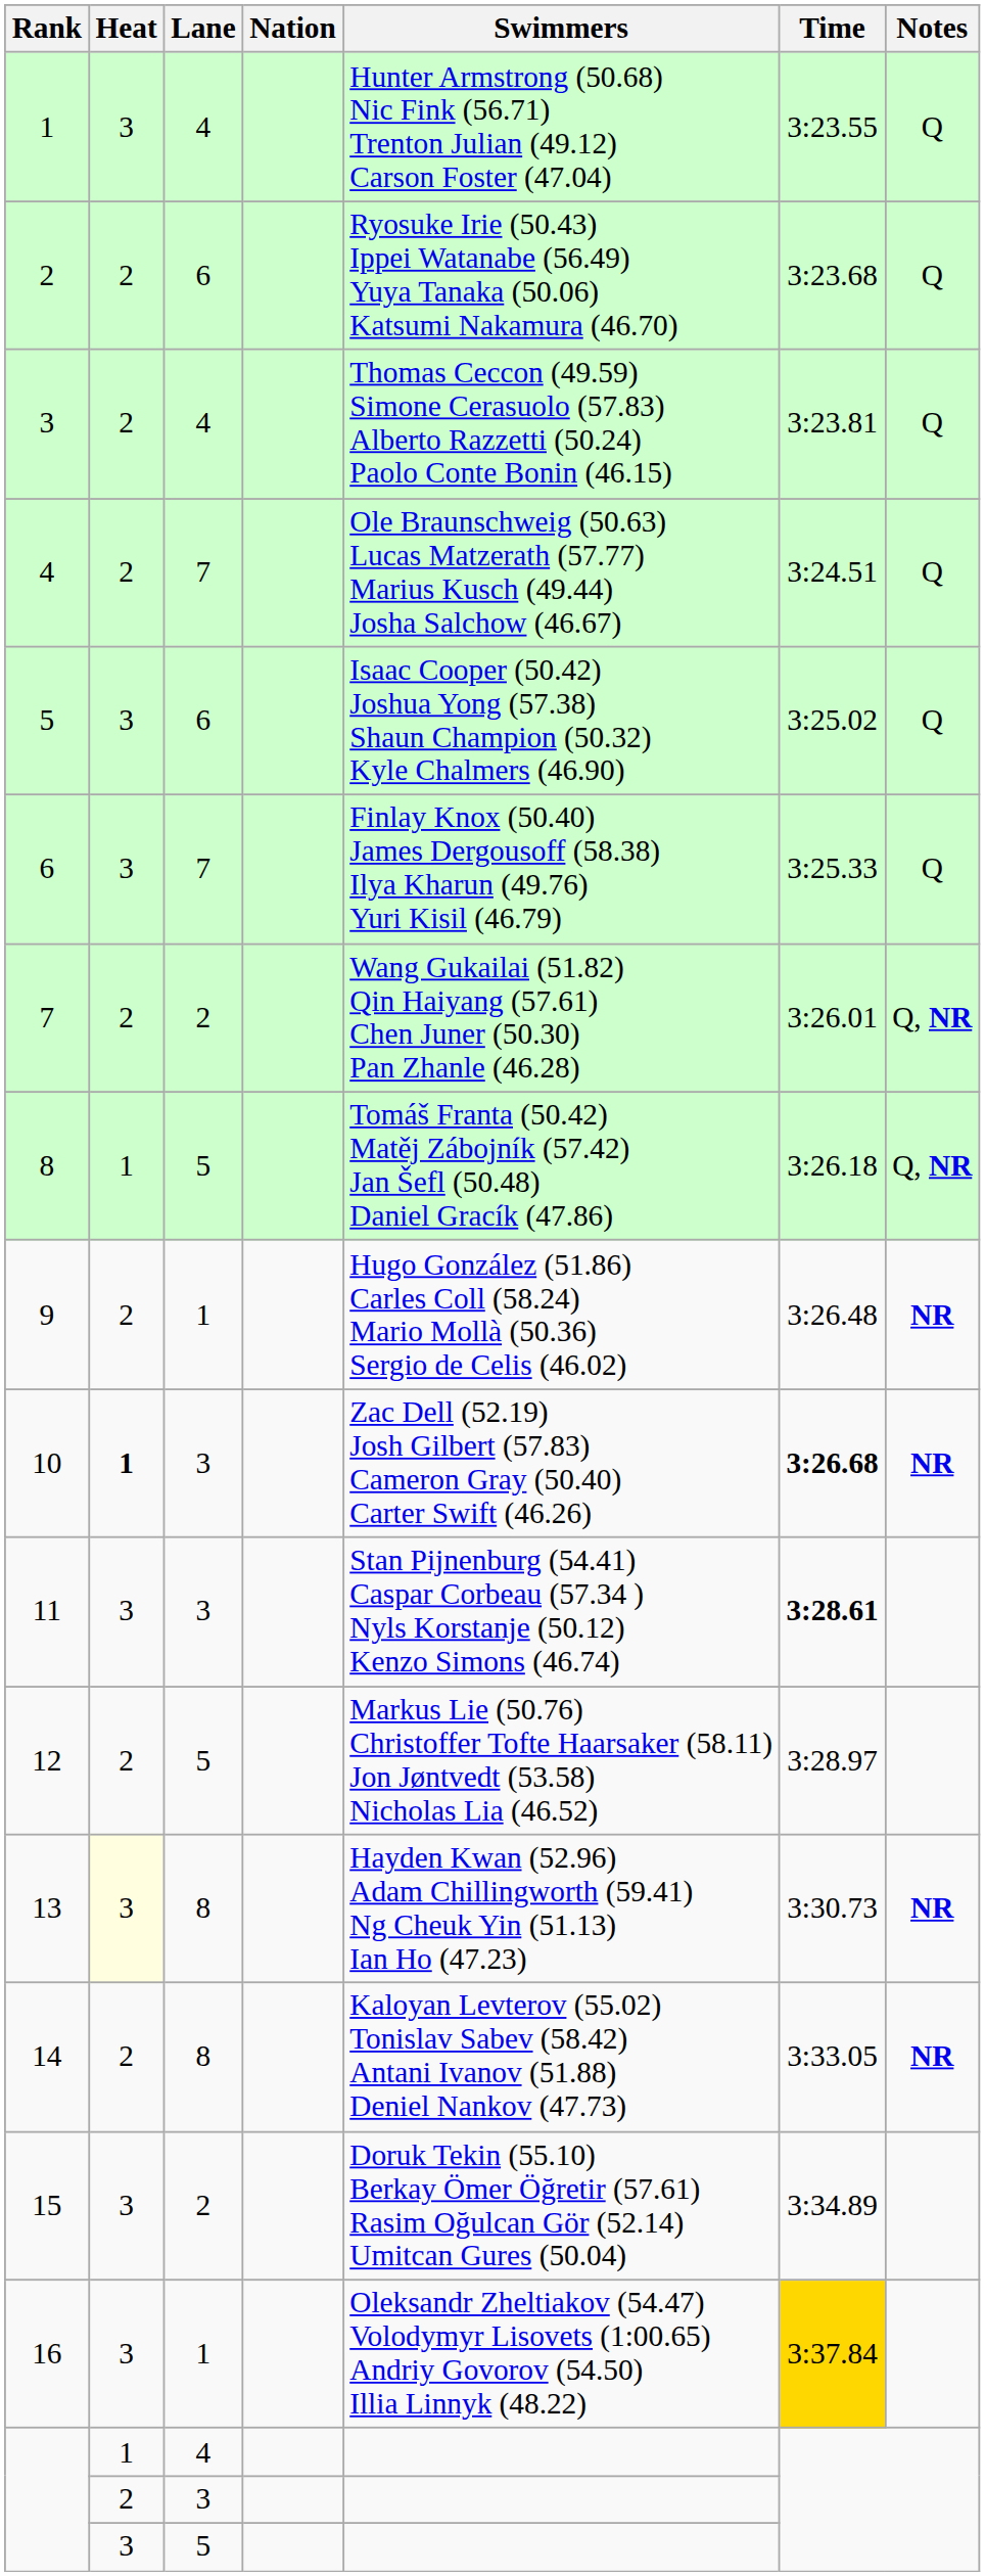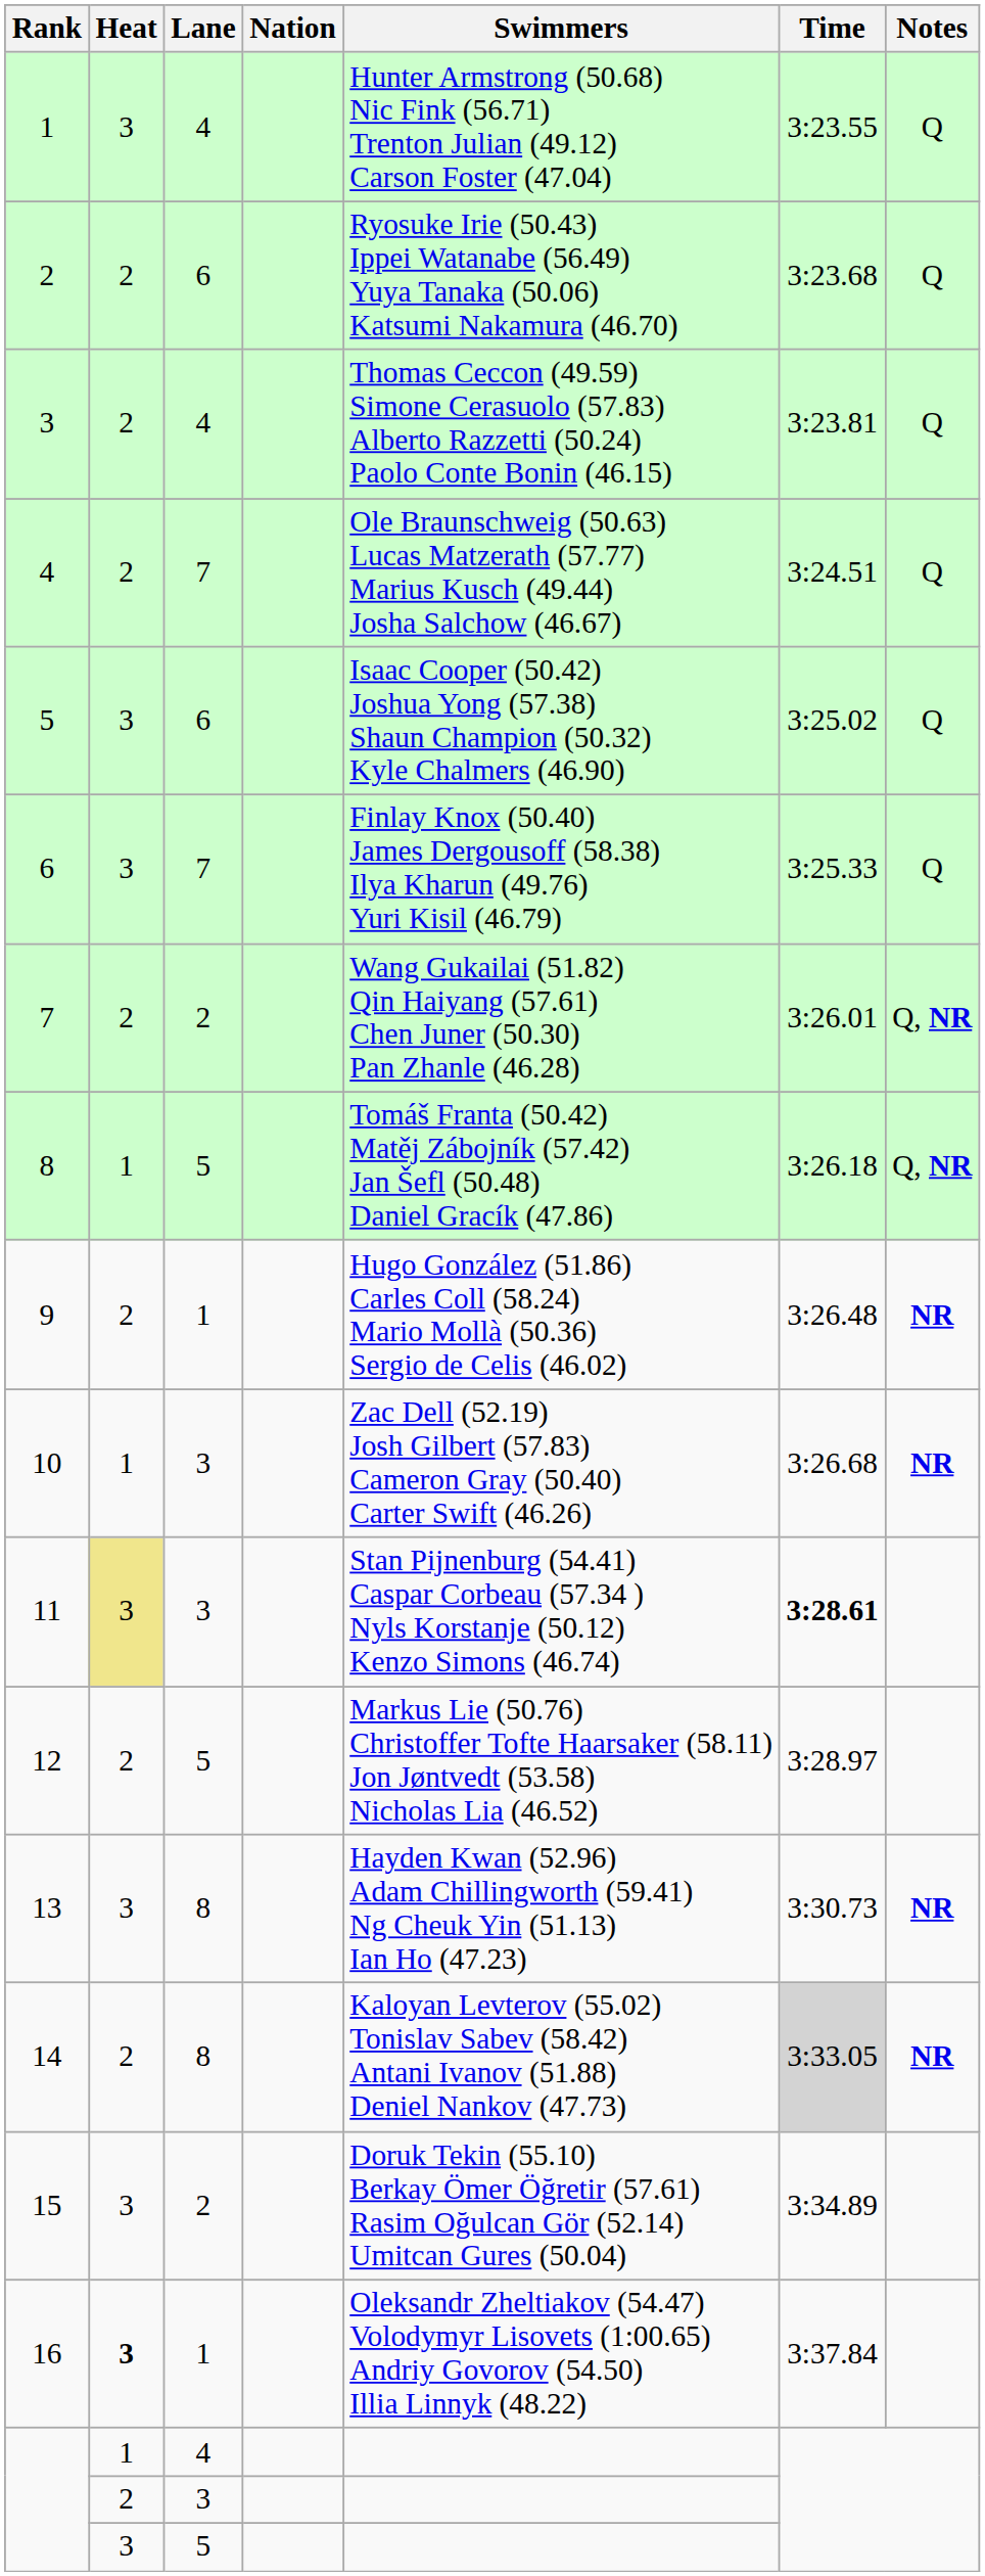 <table class="wikitable sortable" style="text-align:center">
 <tr>
 <th>Rank</th>
 <th>Heat</th>
 <th>Lane</th>
 <th>Nation</th>
 <th>Swimmers</th>
 <th>Time</th>
 <th>Notes</th>
 </tr>
 <tr bgcolor=ccffcc>
 <td>1</td>
 <td>3</td>
 <td>4</td>
 <td align=left></td>
 <td align=left><a href='#'>Hunter Armstrong</a> (50.68)<br><a href='#'>Nic Fink</a> (56.71)<br><a href='#'>Trenton Julian</a> (49.12)<br><a href='#'>Carson Foster</a> (47.04)</td>
 <td>3:23.55</td>
 <td>Q</td>
 </tr>
 <tr bgcolor=ccffcc>
 <td>2</td>
 <td>2</td>
 <td>6</td>
 <td align=left></td>
 <td align=left><a href='#'>Ryosuke Irie</a> (50.43)<br><a href='#'>Ippei Watanabe</a> (56.49)<br><a href='#'>Yuya Tanaka</a> (50.06)<br><a href='#'>Katsumi Nakamura</a> (46.70)</td>
 <td>3:23.68</td>
 <td>Q</td>
 </tr>
 <tr bgcolor=ccffcc>
 <td>3</td>
 <td>2</td>
 <td>4</td>
 <td align=left></td>
 <td align=left><a href='#'>Thomas Ceccon</a> (49.59)<br><a href='#'>Simone Cerasuolo</a> (57.83)<br><a href='#'>Alberto Razzetti</a> (50.24)<br><a href='#'>Paolo Conte Bonin</a> (46.15)</td>
 <td>3:23.81</td>
 <td>Q</td>
 </tr>
 <tr bgcolor=ccffcc>
 <td>4</td>
 <td>2</td>
 <td>7</td>
 <td align=left></td>
 <td align=left><a href='#'>Ole Braunschweig</a> (50.63)<br><a href='#'>Lucas Matzerath</a> (57.77)<br><a href='#'>Marius Kusch</a> (49.44)<br><a href='#'>Josha Salchow</a> (46.67)</td>
 <td>3:24.51</td>
 <td>Q</td>
 </tr>
 <tr bgcolor=ccffcc>
 <td>5</td>
 <td>3</td>
 <td>6</td>
 <td align=left></td>
 <td align=left><a href='#'>Isaac Cooper</a> (50.42)<br><a href='#'>Joshua Yong</a> (57.38)<br><a href='#'>Shaun Champion</a> (50.32)<br><a href='#'>Kyle Chalmers</a> (46.90)</td>
 <td>3:25.02</td>
 <td>Q</td>
 </tr>
 <tr bgcolor=ccffcc>
 <td>6</td>
 <td>3</td>
 <td>7</td>
 <td align=left></td>
 <td align=left><a href='#'>Finlay Knox</a> (50.40)<br><a href='#'>James Dergousoff</a> (58.38)<br><a href='#'>Ilya Kharun</a> (49.76)<br><a href='#'>Yuri Kisil</a> (46.79)</td>
 <td>3:25.33</td>
 <td>Q</td>
 </tr>
 <tr bgcolor=ccffcc>
 <td>7</td>
 <td>2</td>
 <td>2</td>
 <td align=left></td>
 <td align=left><a href='#'>Wang Gukailai</a> (51.82)<br><a href='#'>Qin Haiyang</a> (57.61)<br><a href='#'>Chen Juner</a> (50.30)<br><a href='#'>Pan Zhanle</a> (46.28)</td>
 <td>3:26.01</td>
 <td>Q, <strong><a href='#'>NR</a></strong></td>
 </tr>
 <tr bgcolor=ccffcc>
 <td>8</td>
 <td>1</td>
 <td>5</td>
 <td align=left></td>
 <td align=left><a href='#'>Tomáš Franta</a> (50.42)<br><a href='#'>Matěj Zábojník</a> (57.42)<br><a href='#'>Jan Šefl</a> (50.48)<br><a href='#'>Daniel Gracík</a> (47.86)</td>
 <td>3:26.18</td>
 <td>Q, <strong><a href='#'>NR</a></strong></td>
 </tr>
 <tr>
 <td>9</td>
 <td>2</td>
 <td>1</td>
 <td align=left></td>
 <td align=left><a href='#'>Hugo González</a> (51.86)<br><a href='#'>Carles Coll</a> (58.24)<br><a href='#'>Mario Mollà</a> (50.36)<br><a href='#'>Sergio de Celis</a> (46.02)</td>
 <td>3:26.48</td>
 <td><strong><a href='#'>NR</a></strong></td>
 </tr>
 <tr>
 <td>10</td>
-<td><strong>1</strong></td>
+<td>1</td>
 <td>3</td>
 <td align=left></td>
 <td align=left><a href='#'>Zac Dell</a> (52.19)<br><a href='#'>Josh Gilbert</a> (57.83)<br><a href='#'>Cameron Gray</a> (50.40)<br><a href='#'>Carter Swift</a> (46.26)</td>
-<td><strong>3:26.68</strong></td>
+<td>3:26.68</td>
 <td><strong><a href='#'>NR</a></strong></td>
 </tr>
 <tr>
 <td>11</td>
-<td>3</td>
+<td style="background: khaki;">3</td>
 <td>3</td>
 <td align=left></td>
 <td align=left><a href='#'>Stan Pijnenburg</a> (54.41)<br><a href='#'>Caspar Corbeau</a> (57.34 )<br><a href='#'>Nyls Korstanje</a> (50.12)<br><a href='#'>Kenzo Simons</a> (46.74)</td>
 <td><strong>3:28.61</strong></td>
 <td></td>
 </tr>
 <tr>
 <td>12</td>
 <td>2</td>
 <td>5</td>
 <td align=left></td>
 <td align=left><a href='#'>Markus Lie</a> (50.76)<br><a href='#'>Christoffer Tofte Haarsaker</a> (58.11)<br><a href='#'>Jon Jøntvedt</a> (53.58)<br><a href='#'>Nicholas Lia</a> (46.52)</td>
 <td>3:28.97</td>
 <td></td>
 </tr>
 <tr>
 <td>13</td>
-<td style="background: lightyellow;">3</td>
+<td>3</td>
 <td>8</td>
 <td align=left></td>
 <td align=left><a href='#'>Hayden Kwan</a> (52.96)<br><a href='#'>Adam Chillingworth</a> (59.41)<br><a href='#'>Ng Cheuk Yin</a> (51.13)<br><a href='#'>Ian Ho</a> (47.23)</td>
 <td>3:30.73</td>
 <td><strong><a href='#'>NR</a></strong></td>
 </tr>
 <tr>
 <td>14</td>
 <td>2</td>
 <td>8</td>
 <td align=left></td>
 <td align=left><a href='#'>Kaloyan Levterov</a> (55.02)<br><a href='#'>Tonislav Sabev</a> (58.42)<br><a href='#'>Antani Ivanov</a> (51.88)<br><a href='#'>Deniel Nankov</a> (47.73)</td>
-<td>3:33.05</td>
+<td style="background: lightgrey;">3:33.05</td>
 <td><strong><a href='#'>NR</a></strong></td>
 </tr>
 <tr>
 <td>15</td>
 <td>3</td>
 <td>2</td>
 <td align=left></td>
 <td align=left><a href='#'>Doruk Tekin</a> (55.10)<br><a href='#'>Berkay Ömer Öğretir</a> (57.61)<br><a href='#'>Rasim Oğulcan Gör</a> (52.14)<br><a href='#'>Umitcan Gures</a> (50.04)</td>
 <td>3:34.89</td>
 <td></td>
 </tr>
 <tr>
 <td>16</td>
-<td>3</td>
+<td><strong>3</strong></td>
 <td>1</td>
 <td align=left></td>
 <td align=left><a href='#'>Oleksandr Zheltiakov</a> (54.47)<br><a href='#'>Volodymyr Lisovets</a> (1:00.65)<br><a href='#'>Andriy Govorov</a> (54.50)<br><a href='#'>Illia Linnyk</a> (48.22)</td>
-<td style="background: gold;">3:37.84</td>
+<td>3:37.84</td>
 <td></td>
 </tr>
 <tr>
 <td rowspan=3></td>
 <td>1</td>
 <td>4</td>
 <td align=left></td>
 <td align=left></td>
 <td colspan=2 rowspan=3></td>
 </tr>
 <tr>
 <td>2</td>
 <td>3</td>
 <td align=left></td>
 <td align=left></td>
 </tr>
 <tr>
 <td>3</td>
 <td>5</td>
 <td align=left></td>
 <td align=left></td>
 </tr>
 </table>
